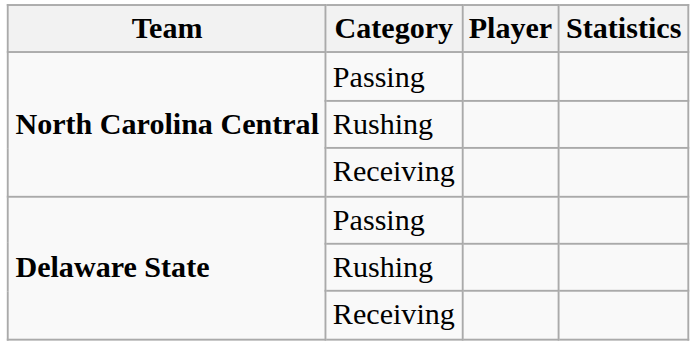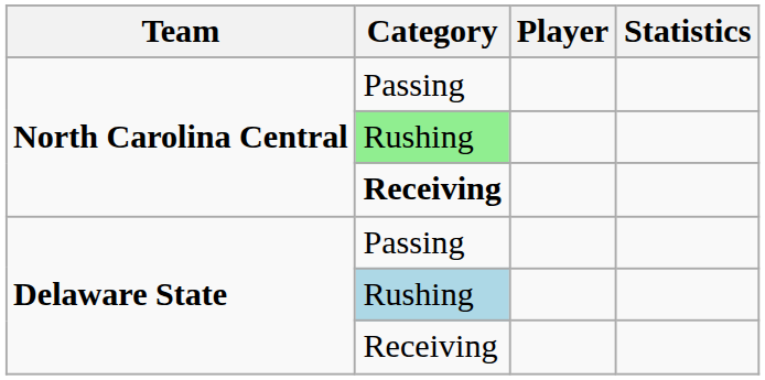 <table class="wikitable" style="float: right;">
 <tr>
 <th>Team</th>
 <th>Category</th>
 <th>Player</th>
 <th>Statistics</th>
 </tr>
 <tr>
 <td rowspan=3><strong>North Carolina Central</strong></td>
 <td>Passing</td>
 <td></td>
 <td></td>
 </tr>
 <tr>
-<td>Rushing</td>
+<td style="background: lightgreen;">Rushing</td>
 <td></td>
 <td></td>
 </tr>
 <tr>
-<td>Receiving</td>
+<td><strong>Receiving</strong></td>
 <td></td>
 <td></td>
 </tr>
 <tr>
 <td rowspan=3><strong>Delaware State</strong></td>
 <td>Passing</td>
 <td></td>
 <td></td>
 </tr>
 <tr>
-<td>Rushing</td>
+<td style="background: lightblue;">Rushing</td>
 <td></td>
 <td></td>
 </tr>
 <tr>
 <td>Receiving</td>
 <td></td>
 <td></td>
 </tr>
 </table>
